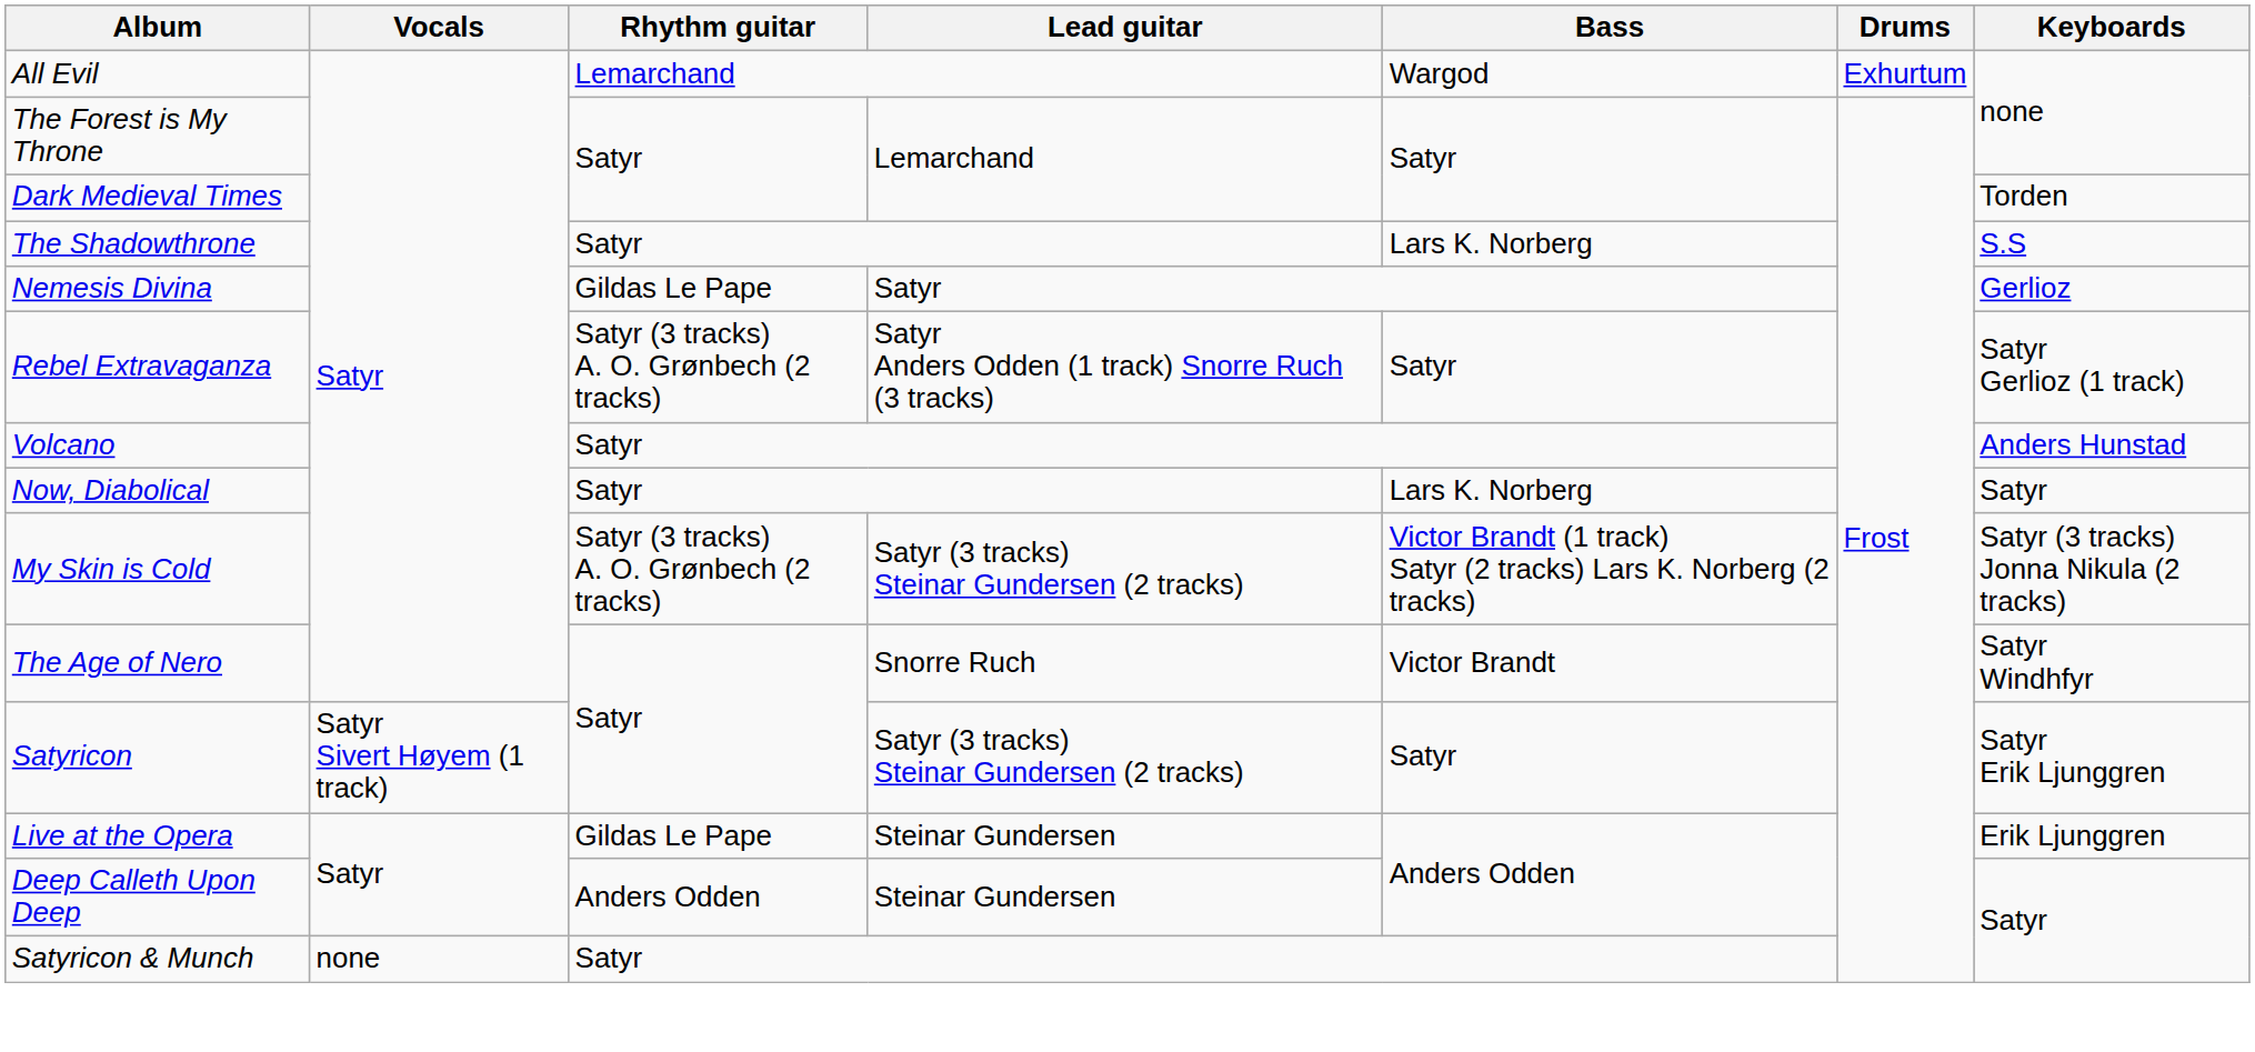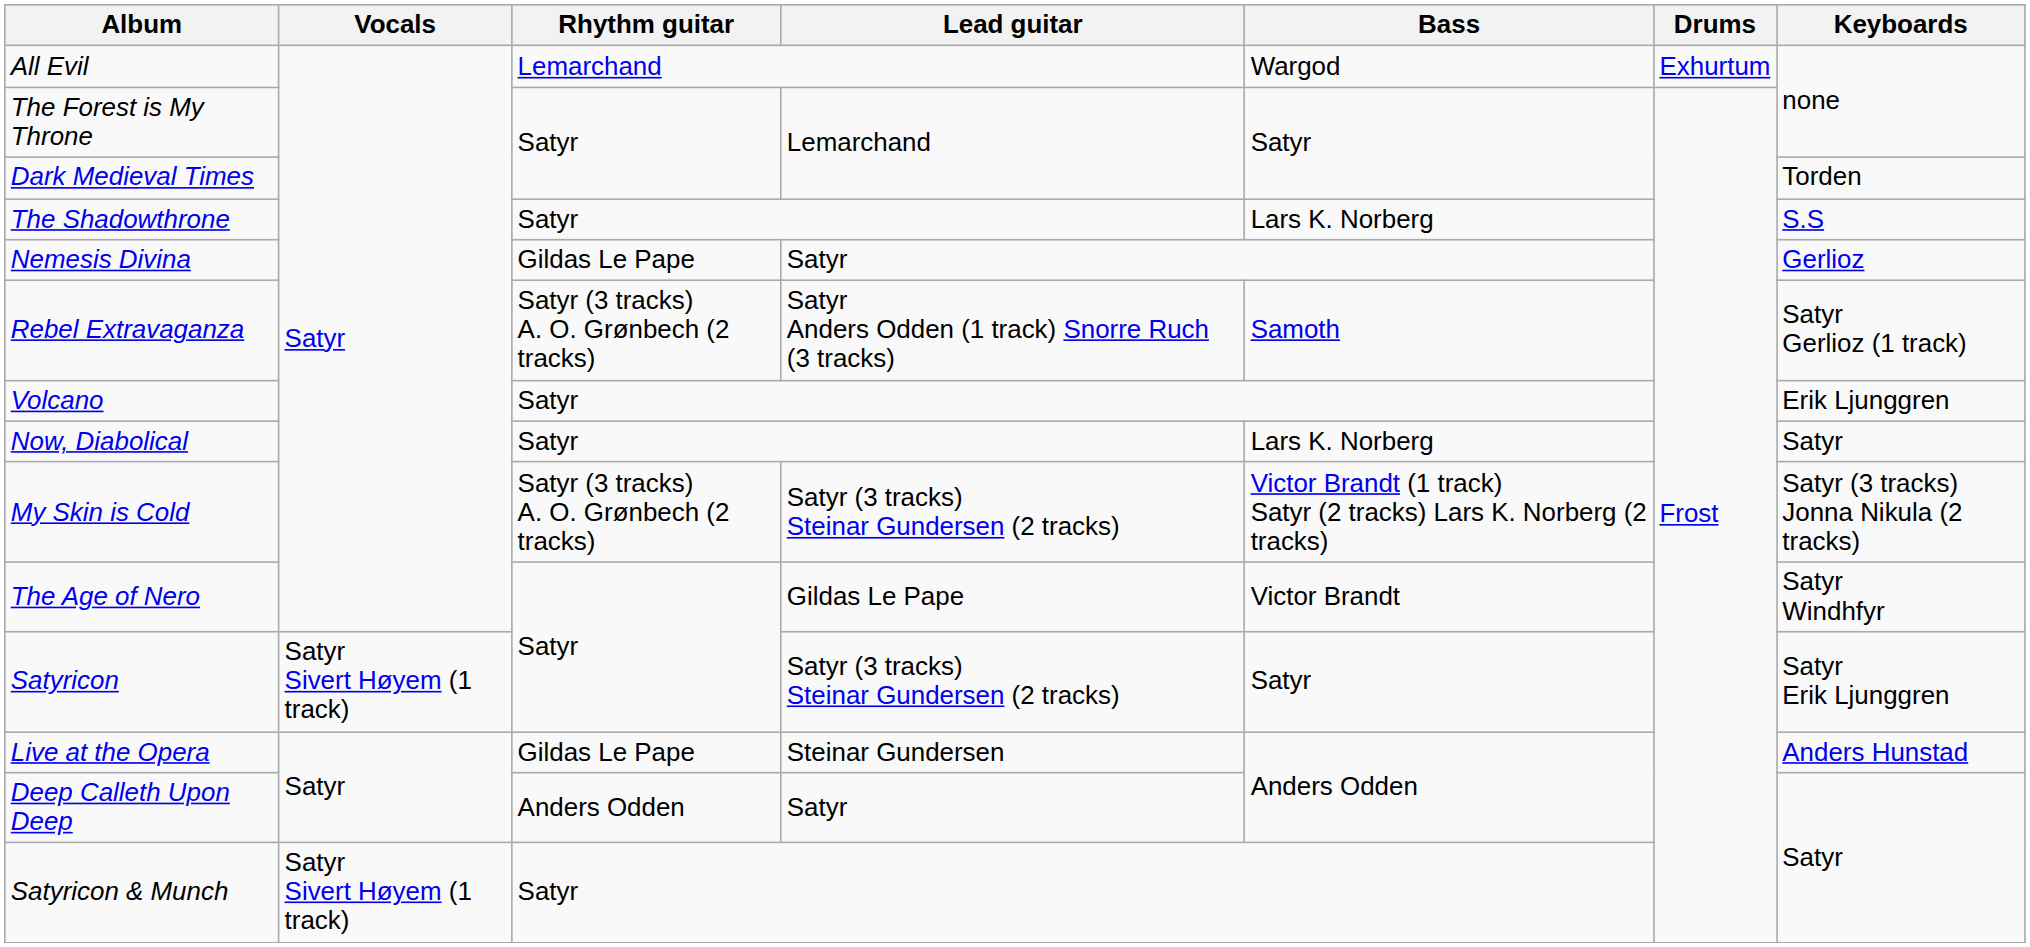 <table class="wikitable">
 <tr>
 <th>Album</th>
 <th>Vocals</th>
 <th>Rhythm guitar</th>
 <th>Lead guitar</th>
 <th>Bass</th>
 <th>Drums</th>
 <th>Keyboards</th>
 </tr>
 <tr>
 <td><em>All Evil</em></td>
 <td rowspan="10"><a href='#'>Satyr</a></td>
 <td colspan="2"><a href='#'>Lemarchand</a></td>
 <td>Wargod</td>
 <td><a href='#'>Exhurtum</a></td>
 <td rowspan="2">none</td>
 </tr>
 <tr>
 <td><em>The Forest is My Throne</em></td>
 <td rowspan="2">Satyr</td>
 <td rowspan="2">Lemarchand</td>
 <td rowspan="2">Satyr</td>
 <td rowspan="13"><a href='#'>Frost</a></td>
 </tr>
 <tr>
 <td><em><a href='#'>Dark Medieval Times</a></em></td>
 <td>Torden</td>
 </tr>
 <tr>
 <td><em><a href='#'>The Shadowthrone</a></em></td>
 <td colspan="2">Satyr</td>
 <td>Lars K. Norberg</td>
 <td><a href='#'>S.S</a></td>
 </tr>
 <tr>
 <td><em><a href='#'>Nemesis Divina</a></em></td>
 <td>Gildas Le Pape</td>
 <td colspan="2">Satyr</td>
 <td><a href='#'>Gerlioz</a></td>
 </tr>
 <tr>
 <td><em><a href='#'>Rebel Extravaganza</a></em></td>
 <td>Satyr (3 tracks)<br>A. O. Grønbech (2 tracks)</td>
 <td>Satyr<br>Anders Odden (1 track) <a href='#'>Snorre Ruch</a> (3 tracks)</td>
-<td>Satyr</td>
+<td><a href='#'>Samoth</a></td>
 <td>Satyr<br>Gerlioz (1 track)</td>
 </tr>
 <tr>
 <td><em><a href='#'>Volcano</a></em></td>
 <td colspan="3">Satyr</td>
-<td><a href='#'>Anders Hunstad</a></td>
+<td>Erik Ljunggren</td>
 </tr>
 <tr>
 <td><em><a href='#'>Now, Diabolical</a></em></td>
 <td colspan="2">Satyr</td>
 <td>Lars K. Norberg</td>
 <td>Satyr</td>
 </tr>
 <tr>
 <td><em><a href='#'>My Skin is Cold</a></em></td>
 <td>Satyr (3 tracks)<br>A. O. Grønbech (2 tracks)</td>
 <td>Satyr (3 tracks)<br><a href='#'>Steinar Gundersen</a> (2 tracks)</td>
 <td><a href='#'>Victor Brandt</a> (1 track)<br>Satyr (2 tracks) Lars K. Norberg (2 tracks)</td>
 <td>Satyr (3 tracks)<br>Jonna Nikula (2 tracks)</td>
 </tr>
 <tr>
 <td><em><a href='#'>The Age of Nero</a></em></td>
 <td rowspan="2">Satyr</td>
-<td>Snorre Ruch</td>
+<td>Gildas Le Pape</td>
 <td>Victor Brandt</td>
 <td>Satyr<br>Windhfyr</td>
 </tr>
 <tr>
 <td><em><a href='#'>Satyricon</a></em></td>
 <td>Satyr<br><a href='#'>Sivert Høyem</a> (1 track)</td>
 <td>Satyr (3 tracks)<br><a href='#'>Steinar Gundersen</a> (2 tracks)</td>
 <td>Satyr</td>
 <td>Satyr<br>Erik Ljunggren</td>
 </tr>
 <tr>
 <td><em><a href='#'>Live at the Opera</a></em></td>
 <td rowspan="2">Satyr</td>
 <td>Gildas Le Pape</td>
 <td>Steinar Gundersen</td>
 <td rowspan="2">Anders Odden</td>
-<td>Erik Ljunggren</td>
+<td><a href='#'>Anders Hunstad</a></td>
 </tr>
 <tr>
 <td><em><a href='#'>Deep Calleth Upon Deep</a></em></td>
 <td>Anders Odden</td>
-<td>Steinar Gundersen</td>
+<td>Satyr</td>
 <td rowspan="2">Satyr</td>
 </tr>
 <tr>
 <td><em>Satyricon & Munch</em></td>
-<td>none</td>
+<td>Satyr<br><a href='#'>Sivert Høyem</a> (1 track)</td>
 <td colspan="3">Satyr</td>
 </tr>
 </table>
